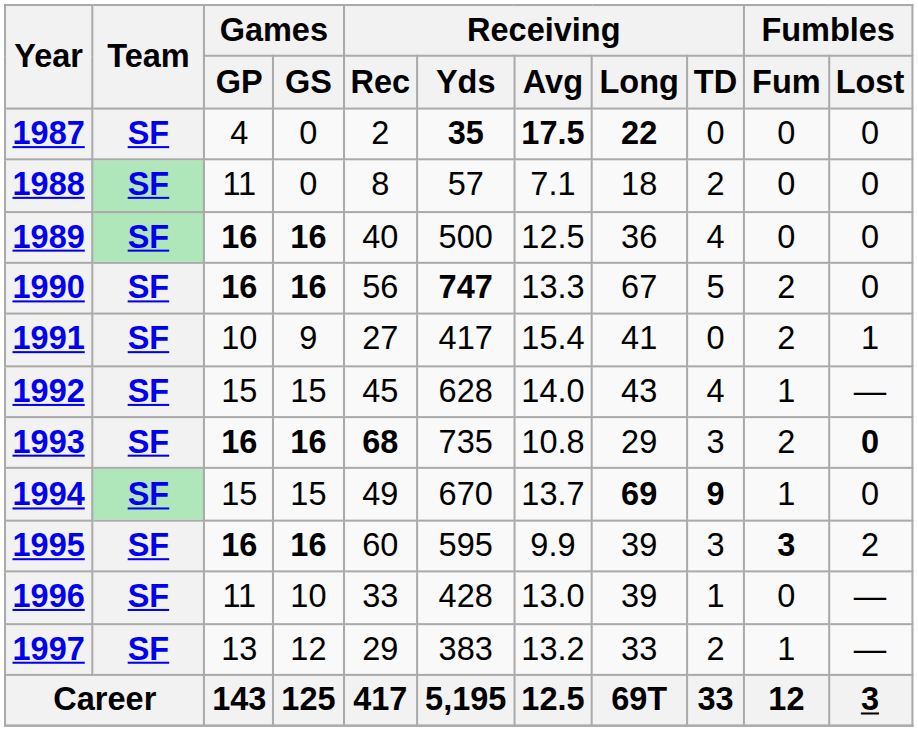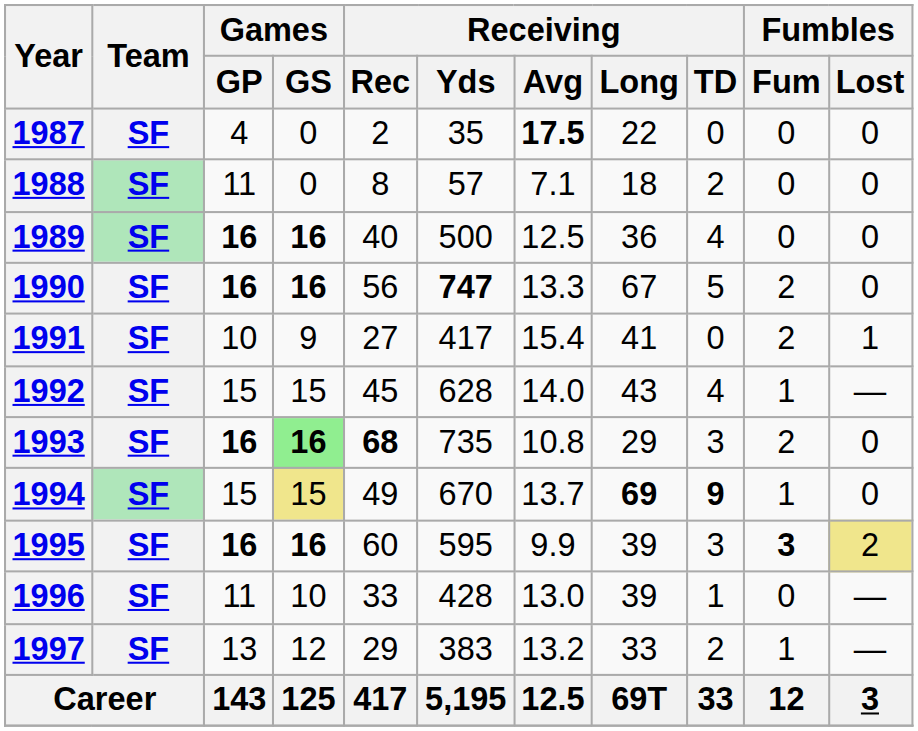 <table class="wikitable" style="text-align: center;">
 <tr>
 <th rowspan="2">Year</th>
 <th rowspan="2">Team</th>
 <th colspan="2">Games</th>
 <th colspan="5">Receiving</th>
 <th colspan="2">Fumbles</th>
 </tr>
 <tr>
 <th>GP</th>
 <th>GS</th>
 <th>Rec</th>
 <th>Yds</th>
 <th>Avg</th>
 <th>Long</th>
 <th>TD</th>
 <th>Fum</th>
 <th>Lost</th>
 </tr>
 <tr>
 <th><a href='#'>1987</a></th>
 <th><a href='#'>SF</a></th>
 <td>4</td>
 <td>0</td>
 <td>2</td>
-<td><strong>35</strong></td>
+<td>35</td>
 <td><strong>17.5</strong></td>
-<td><strong>22</strong></td>
+<td>22</td>
 <td>0</td>
 <td>0</td>
 <td>0</td>
 </tr>
 <tr>
 <th><a href='#'>1988</a></th>
 <th style="background:#afe6ba; width:3em;"><a href='#'>SF</a></th>
 <td>11</td>
 <td>0</td>
 <td>8</td>
 <td>57</td>
 <td>7.1</td>
 <td>18</td>
 <td>2</td>
 <td>0</td>
 <td>0</td>
 </tr>
 <tr>
 <th><a href='#'>1989</a></th>
 <th style="background:#afe6ba; width:3em;"><a href='#'>SF</a></th>
 <td><strong>16</strong></td>
 <td><strong>16</strong></td>
 <td>40</td>
 <td>500</td>
 <td>12.5</td>
 <td>36</td>
 <td>4</td>
 <td>0</td>
 <td>0</td>
 </tr>
 <tr>
 <th><a href='#'>1990</a></th>
 <th><a href='#'>SF</a></th>
 <td><strong>16</strong></td>
 <td><strong>16</strong></td>
 <td>56</td>
 <td><strong>747</strong></td>
 <td>13.3</td>
 <td>67</td>
 <td>5</td>
 <td>2</td>
 <td>0</td>
 </tr>
 <tr>
 <th><a href='#'>1991</a></th>
 <th><a href='#'>SF</a></th>
 <td>10</td>
 <td>9</td>
 <td>27</td>
 <td>417</td>
 <td>15.4</td>
 <td>41</td>
 <td>0</td>
 <td>2</td>
 <td>1</td>
 </tr>
 <tr>
 <th><a href='#'>1992</a></th>
 <th><a href='#'>SF</a></th>
 <td>15</td>
 <td>15</td>
 <td>45</td>
 <td>628</td>
 <td>14.0</td>
 <td>43</td>
 <td>4</td>
 <td>1</td>
 <td>—</td>
 </tr>
 <tr>
 <th><a href='#'>1993</a></th>
 <th><a href='#'>SF</a></th>
 <td><strong>16</strong></td>
-<td><strong>16</strong></td>
+<td style="background: lightgreen;"><strong>16</strong></td>
 <td><strong>68</strong></td>
 <td>735</td>
 <td>10.8</td>
 <td>29</td>
 <td>3</td>
 <td>2</td>
-<td><strong>0</strong></td>
+<td>0</td>
 </tr>
 <tr>
 <th><a href='#'>1994</a></th>
 <th style="background:#afe6ba; width:3em;"><a href='#'>SF</a></th>
 <td>15</td>
-<td>15</td>
+<td style="background: khaki;">15</td>
 <td>49</td>
 <td>670</td>
 <td>13.7</td>
 <td><strong>69</strong></td>
 <td><strong>9</strong></td>
 <td>1</td>
 <td>0</td>
 </tr>
 <tr>
 <th><a href='#'>1995</a></th>
 <th><a href='#'>SF</a></th>
 <td><strong>16</strong></td>
 <td><strong>16</strong></td>
 <td>60</td>
 <td>595</td>
 <td>9.9</td>
 <td>39</td>
 <td>3</td>
 <td><strong>3</strong></td>
-<td>2</td>
+<td style="background: khaki;">2</td>
 </tr>
 <tr>
 <th><a href='#'>1996</a></th>
 <th><a href='#'>SF</a></th>
 <td>11</td>
 <td>10</td>
 <td>33</td>
 <td>428</td>
 <td>13.0</td>
 <td>39</td>
 <td>1</td>
 <td>0</td>
 <td>—</td>
 </tr>
 <tr>
 <th><a href='#'>1997</a></th>
 <th><a href='#'>SF</a></th>
 <td>13</td>
 <td>12</td>
 <td>29</td>
 <td>383</td>
 <td>13.2</td>
 <td>33</td>
 <td>2</td>
 <td>1</td>
 <td>—</td>
 </tr>
 <tr>
 <th colspan="2">Career</th>
 <th>143</th>
 <th>125</th>
 <th>417</th>
 <th>5,195</th>
 <th>12.5</th>
 <th>69T</th>
 <th>33</th>
 <th>12</th>
 <th><u>3</u></th>
 </tr>
 <tr>
 </tr>
 </table>
